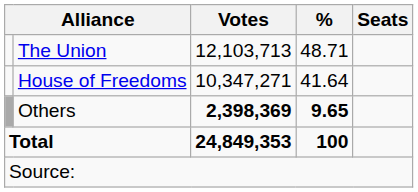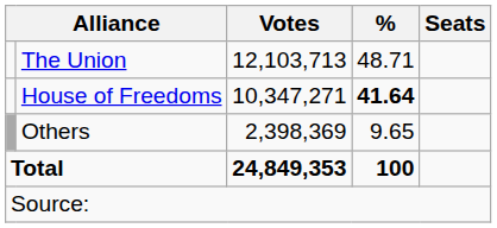 <table class=wikitable style=text-align:right>
 <tr>
 <th colspan=2>Alliance</th>
 <th>Votes</th>
 <th>%</th>
 <th>Seats</th>
 </tr>
 <tr>
 <td style="background-color:"></td>
 <td align=left><a href='#'>The Union</a></td>
 <td>12,103,713</td>
 <td>48.71</td>
 <td></td>
 </tr>
 <tr>
 <td style="background-color:"></td>
 <td align=left><a href='#'>House of Freedoms</a></td>
 <td>10,347,271</td>
-<td>41.64</td>
+<td><strong>41.64</strong></td>
 <td></td>
 </tr>
 <tr>
 <td style="background-color:darkgrey"></td>
 <td align=left>Others</td>
-<td><strong>2,398,369</strong></td>
-<td><strong>9.65</strong></td>
+<td>2,398,369</td>
+<td>9.65</td>
 <td></td>
 </tr>
 <tr>
 <td colspan=2 align=left><strong>Total</strong></td>
 <td><strong>24,849,353</strong></td>
 <td><strong>100</strong></td>
 <td></td>
 </tr>
 <tr>
 <td align=left colspan=6>Source: </td>
 </tr>
 </table>
